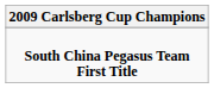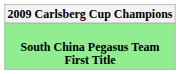 <table class="wikitable" style="text-align: center; margin: 0 auto;">
 <tr>
 <th>2009 Carlsberg Cup Champions</th>
 </tr>
 <tr>
 </tr>
 <tr>
-<td><br><strong>South China Pegasus Team</strong><br><strong>First Title</strong></td>
+<td style="background: lightgreen;"><br><strong>South China Pegasus Team</strong><br><strong>First Title</strong></td>
 </tr>
 </table>
